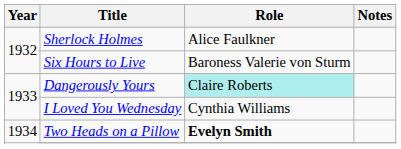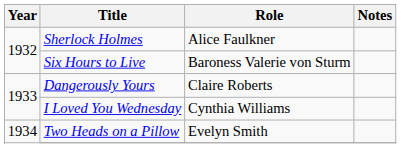 <table class="wikitable sortable">
 <tr>
 <th>Year</th>
 <th>Title</th>
 <th>Role</th>
 <th class = "unsortable">Notes</th>
 </tr>
 <tr>
 <td rowspan=2>1932</td>
 <td><em><a href='#'>Sherlock Holmes</a></em></td>
 <td>Alice Faulkner</td>
 <td></td>
 </tr>
 <tr>
 <td><em><a href='#'>Six Hours to Live</a></em></td>
 <td>Baroness Valerie von Sturm</td>
 <td></td>
 </tr>
 <tr>
 <td rowspan=2>1933</td>
 <td><em><a href='#'>Dangerously Yours</a></em></td>
-<td style="background: paleturquoise;">Claire Roberts</td>
+<td>Claire Roberts</td>
 <td></td>
 </tr>
 <tr>
 <td><em><a href='#'>I Loved You Wednesday</a></em></td>
 <td>Cynthia Williams</td>
 <td></td>
 </tr>
 <tr>
 <td rowspan=2>1934</td>
 <td><em><a href='#'>Two Heads on a Pillow</a></em></td>
-<td><strong>Evelyn Smith</strong></td>
+<td>Evelyn Smith</td>
 <td></td>
 </tr>
 <tr>
 </tr>
 </table>
